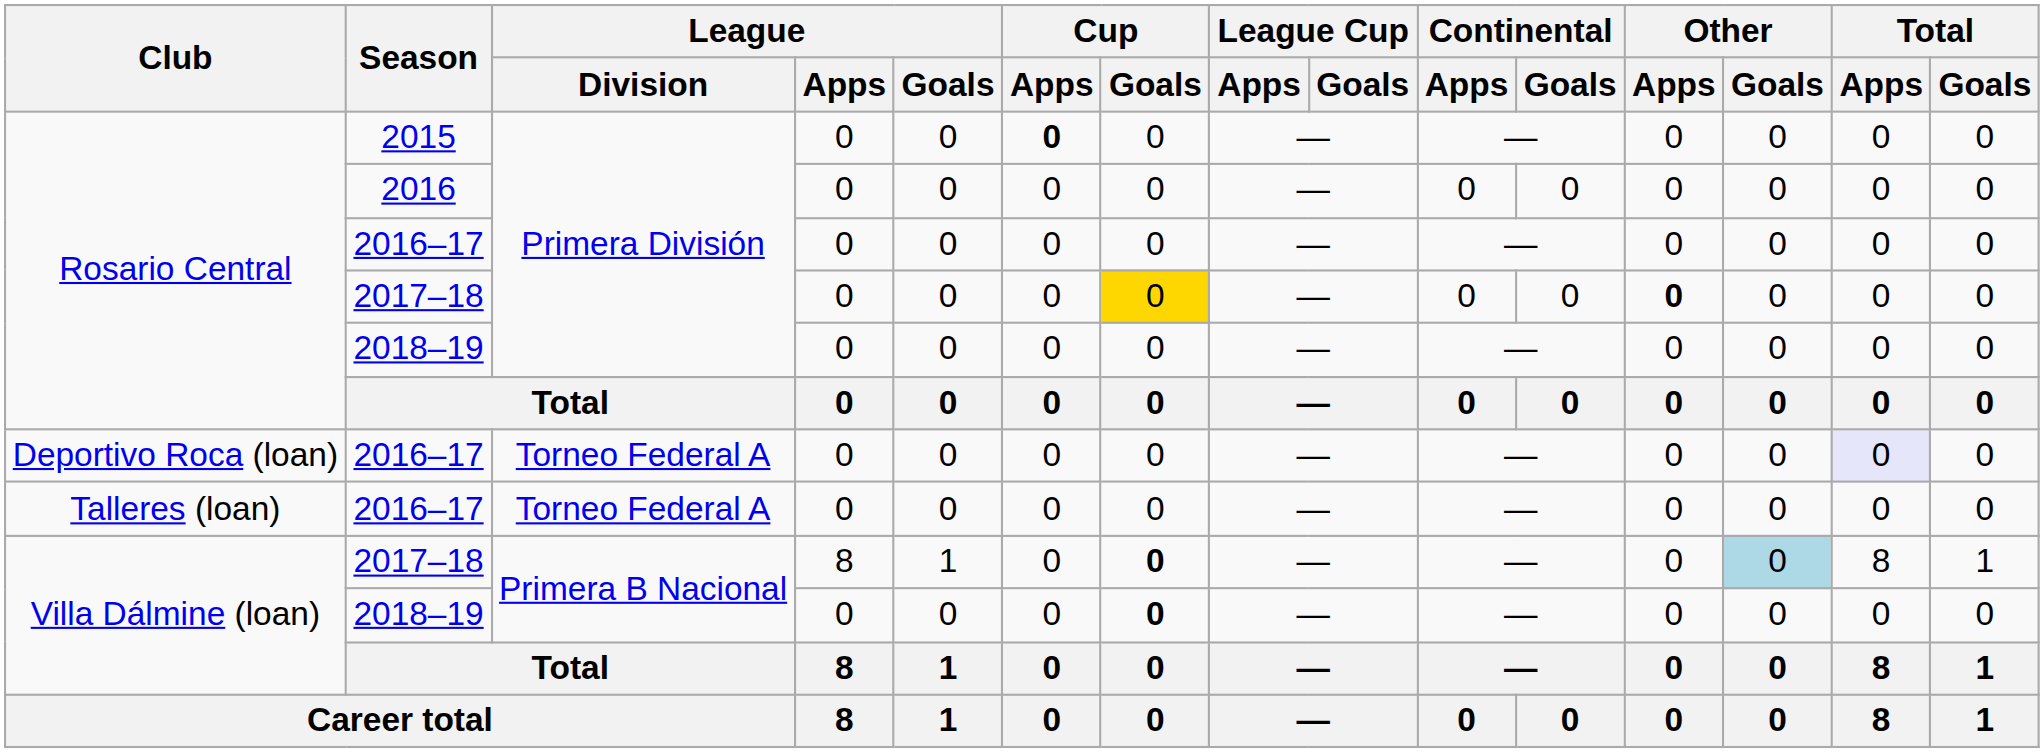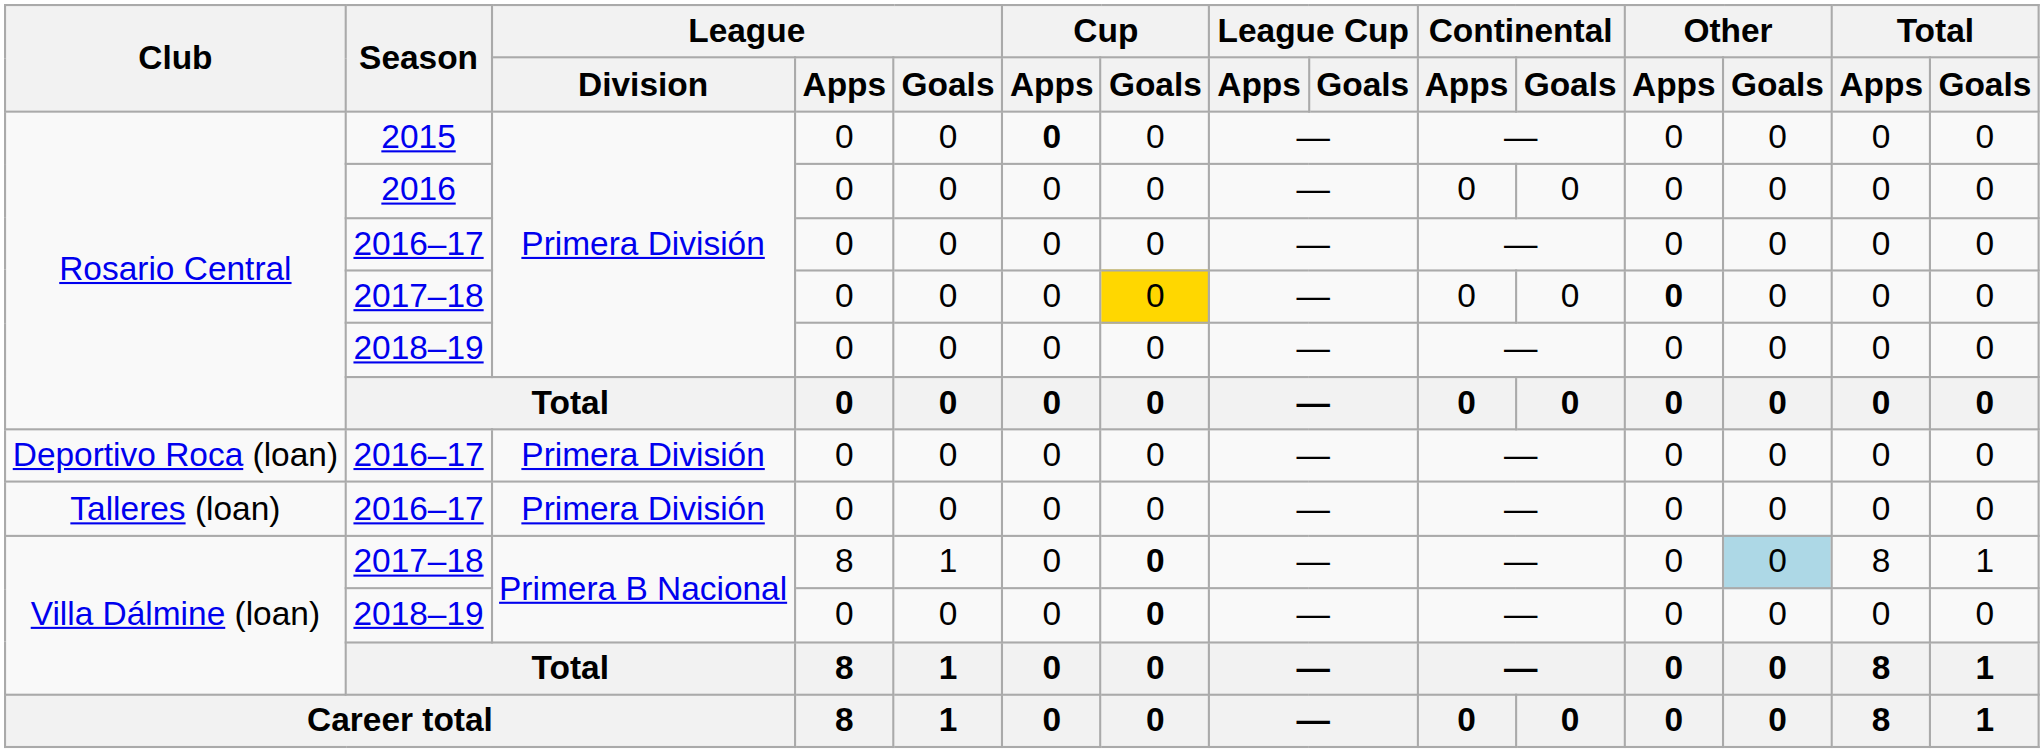 <table class="wikitable" style="text-align:center">
 <tr>
 <th rowspan="2">Club</th>
 <th rowspan="2">Season</th>
 <th colspan="3">League</th>
 <th colspan="2">Cup</th>
 <th colspan="2">League Cup</th>
 <th colspan="2">Continental</th>
 <th colspan="2">Other</th>
 <th colspan="2">Total</th>
 </tr>
 <tr>
 <th>Division</th>
 <th>Apps</th>
 <th>Goals</th>
 <th>Apps</th>
 <th>Goals</th>
 <th>Apps</th>
 <th>Goals</th>
 <th>Apps</th>
 <th>Goals</th>
 <th>Apps</th>
 <th>Goals</th>
 <th>Apps</th>
 <th>Goals</th>
 </tr>
 <tr>
 <td rowspan="6"><a href='#'>Rosario Central</a></td>
 <td><a href='#'>2015</a></td>
 <td rowspan="5"><a href='#'>Primera División</a></td>
 <td>0</td>
 <td>0</td>
 <td><strong>0</strong></td>
 <td>0</td>
 <td colspan="2">—</td>
 <td colspan="2">—</td>
 <td>0</td>
 <td>0</td>
 <td>0</td>
 <td>0</td>
 </tr>
 <tr>
 <td><a href='#'>2016</a></td>
 <td>0</td>
 <td>0</td>
 <td>0</td>
 <td>0</td>
 <td colspan="2">—</td>
 <td>0</td>
 <td>0</td>
 <td>0</td>
 <td>0</td>
 <td>0</td>
 <td>0</td>
 </tr>
 <tr>
 <td><a href='#'>2016–17</a></td>
 <td>0</td>
 <td>0</td>
 <td>0</td>
 <td>0</td>
 <td colspan="2">—</td>
 <td colspan="2">—</td>
 <td>0</td>
 <td>0</td>
 <td>0</td>
 <td>0</td>
 </tr>
 <tr>
 <td><a href='#'>2017–18</a></td>
 <td>0</td>
 <td>0</td>
 <td>0</td>
 <td style="background: gold;">0</td>
 <td colspan="2">—</td>
 <td>0</td>
 <td>0</td>
 <td><strong>0</strong></td>
 <td>0</td>
 <td>0</td>
 <td>0</td>
 </tr>
 <tr>
 <td><a href='#'>2018–19</a></td>
 <td>0</td>
 <td>0</td>
 <td>0</td>
 <td>0</td>
 <td colspan="2">—</td>
 <td colspan="2">—</td>
 <td>0</td>
 <td>0</td>
 <td>0</td>
 <td>0</td>
 </tr>
 <tr>
 <th colspan="2">Total</th>
 <th>0</th>
 <th>0</th>
 <th>0</th>
 <th>0</th>
 <th colspan="2">—</th>
 <th>0</th>
 <th>0</th>
 <th>0</th>
 <th>0</th>
 <th>0</th>
 <th>0</th>
 </tr>
 <tr>
 <td rowspan="1"><a href='#'>Deportivo Roca</a> (loan)</td>
 <td><a href='#'>2016–17</a></td>
-<td rowspan="1"><a href='#'>Torneo Federal A</a></td>
+<td rowspan="1"><a href='#'>Primera División</a></td>
 <td>0</td>
 <td>0</td>
 <td>0</td>
 <td>0</td>
 <td colspan="2">—</td>
 <td colspan="2">—</td>
 <td>0</td>
 <td>0</td>
-<td style="background: lavender;">0</td>
+<td>0</td>
 <td>0</td>
 </tr>
 <tr>
 <td rowspan="1"><a href='#'>Talleres</a> (loan)</td>
 <td><a href='#'>2016–17</a></td>
-<td rowspan="1"><a href='#'>Torneo Federal A</a></td>
+<td rowspan="1"><a href='#'>Primera División</a></td>
 <td>0</td>
 <td>0</td>
 <td>0</td>
 <td>0</td>
 <td colspan="2">—</td>
 <td colspan="2">—</td>
 <td>0</td>
 <td>0</td>
 <td>0</td>
 <td>0</td>
 </tr>
 <tr>
 <td rowspan="3"><a href='#'>Villa Dálmine</a> (loan)</td>
 <td><a href='#'>2017–18</a></td>
 <td rowspan="2"><a href='#'>Primera B Nacional</a></td>
 <td>8</td>
 <td>1</td>
 <td>0</td>
 <td><strong>0</strong></td>
 <td colspan="2">—</td>
 <td colspan="2">—</td>
 <td>0</td>
 <td style="background: lightblue;">0</td>
 <td>8</td>
 <td>1</td>
 </tr>
 <tr>
 <td><a href='#'>2018–19</a></td>
 <td>0</td>
 <td>0</td>
 <td>0</td>
 <td><strong>0</strong></td>
 <td colspan="2">—</td>
 <td colspan="2">—</td>
 <td>0</td>
 <td>0</td>
 <td>0</td>
 <td>0</td>
 </tr>
 <tr>
 <th colspan="2">Total</th>
 <th>8</th>
 <th>1</th>
 <th>0</th>
 <th>0</th>
 <th colspan="2">—</th>
 <th colspan="2">—</th>
 <th>0</th>
 <th>0</th>
 <th>8</th>
 <th>1</th>
 </tr>
 <tr>
 <th colspan="3">Career total</th>
 <th>8</th>
 <th>1</th>
 <th>0</th>
 <th>0</th>
 <th colspan="2">—</th>
 <th>0</th>
 <th>0</th>
 <th>0</th>
 <th>0</th>
 <th>8</th>
 <th>1</th>
 </tr>
 </table>
